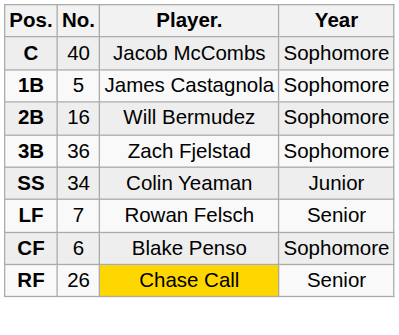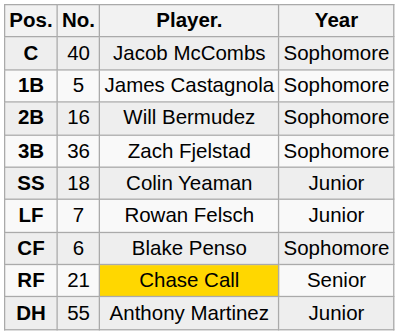 <table class="wikitable non-sortable">
 <tr>
 <th style="text-align:center; ">Pos.</th>
 <th style="text-align:center; ">No.</th>
 <th style="text-align:center; ">Player.</th>
 <th style="text-align:center; ">Year</th>
 </tr>
 <tr style="background:#eeeeee;text-align:center;">
 <td><strong>C</strong></td>
 <td>40</td>
 <td>Jacob McCombs</td>
 <td>Sophomore</td>
 </tr>
 <tr style="text-align:center;">
 <td><strong>1B</strong></td>
 <td>5</td>
 <td>James Castagnola</td>
 <td>Sophomore</td>
 </tr>
 <tr style="background:#eeeeee;text-align:center;">
 <td><strong>2B</strong></td>
 <td>16</td>
 <td>Will Bermudez</td>
 <td>Sophomore</td>
 </tr>
 <tr style="text-align:center;">
 <td><strong>3B</strong></td>
 <td>36</td>
 <td>Zach Fjelstad</td>
 <td>Sophomore</td>
 </tr>
 <tr style="background:#eeeeee;text-align:center;">
 <td><strong>SS</strong></td>
-<td>34</td>
+<td>18</td>
 <td>Colin Yeaman</td>
 <td>Junior</td>
 </tr>
 <tr style="text-align:center;">
 <td><strong>LF</strong></td>
 <td>7</td>
 <td>Rowan Felsch</td>
-<td>Senior</td>
+<td>Junior</td>
 </tr>
 <tr style="background:#eeeeee;text-align:center;">
 <td><strong>CF</strong></td>
 <td>6</td>
 <td>Blake Penso</td>
 <td>Sophomore</td>
 </tr>
 <tr style="text-align:center;">
 <td><strong>RF</strong></td>
-<td>26</td>
+<td>21</td>
 <td style="background: gold;">Chase Call</td>
 <td>Senior</td>
 </tr>
+<tr style="background:#eeeeee;text-align:center;">
+<td><strong>DH</strong></td>
+<td>55</td>
+<td>Anthony Martinez</td>
+<td>Junior</td>
+</tr>
 </table>
